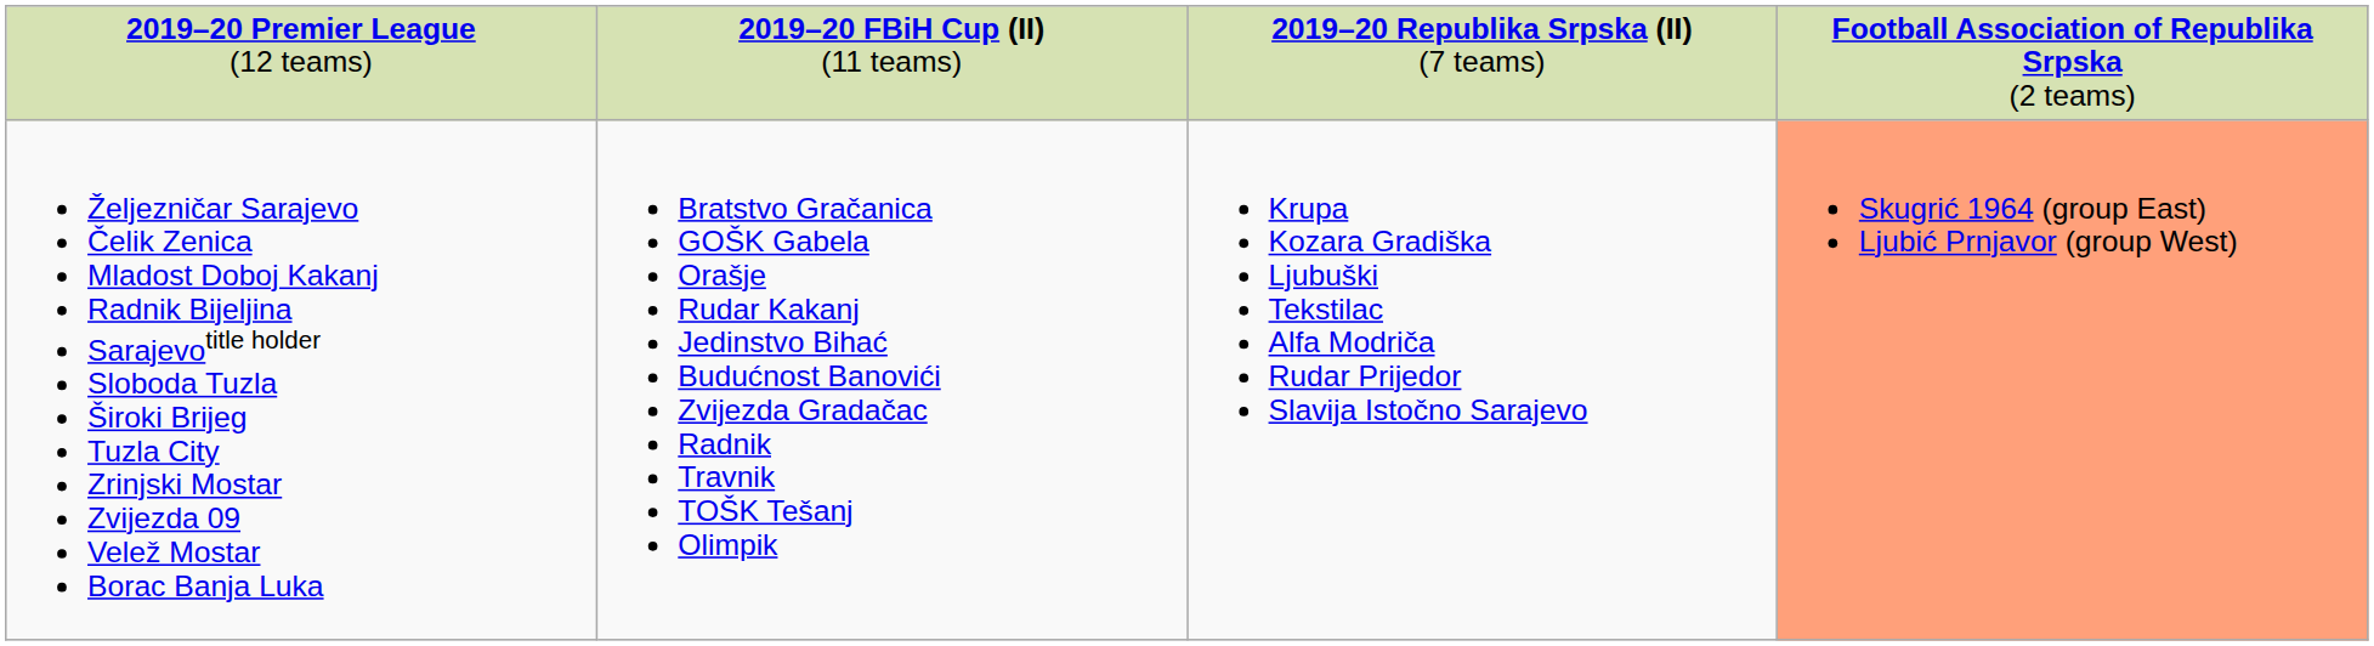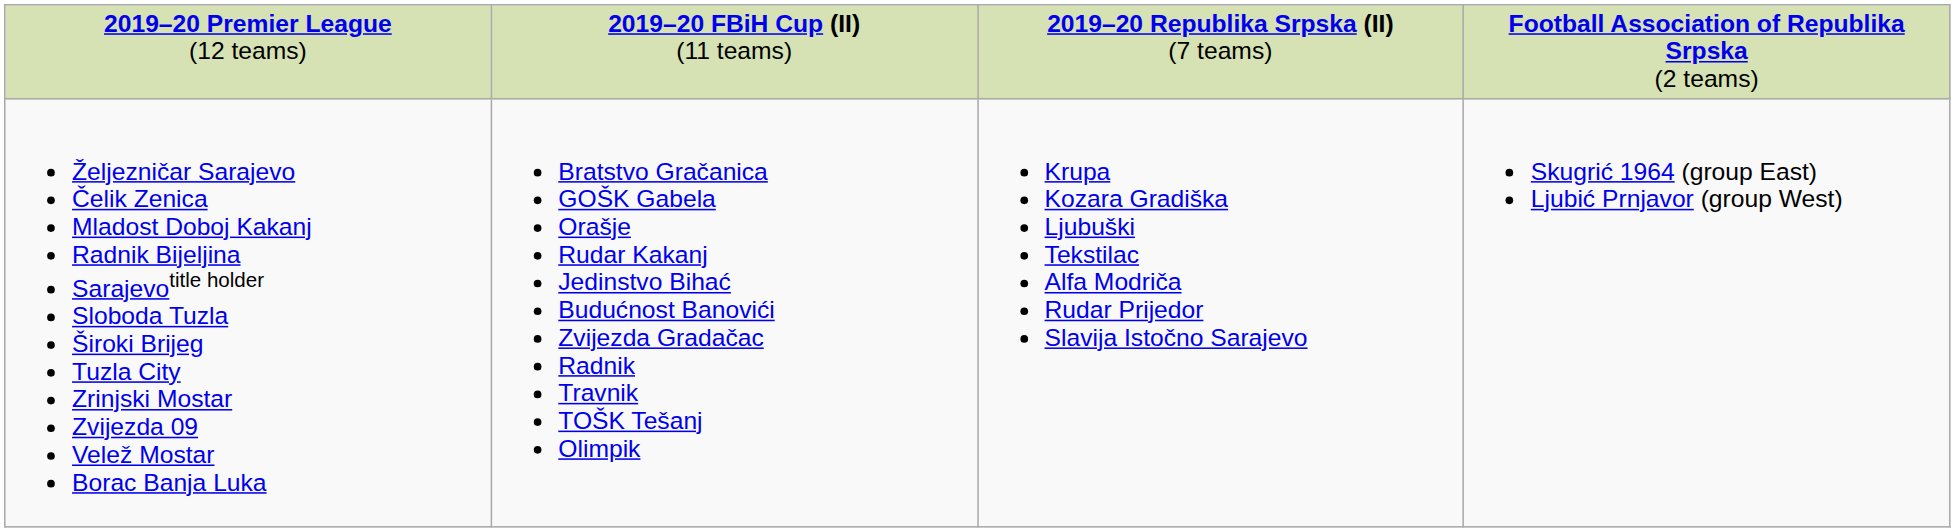 <table class="wikitable" style="width:100%">
 <tr style="vertical-align:top; background:#d6e2b3; text-align:center;">
 <td style="width:25%;"><strong><a href='#'>2019–20 Premier League</a></strong><br>(12 teams)</td>
 <td style="width:25%;"><strong><a href='#'>2019–20 FBiH Cup</a> (II)</strong><br>(11 teams)</td>
 <td style="width:25%;"><strong><a href='#'>2019–20 Republika Srpska</a> (II)</strong><br>(7 teams)</td>
 <td style="width:25%;"><strong><a href='#'>Football Association of Republika Srpska</a></strong><br>(2 teams)</td>
 </tr>
 <tr valign="top">
 <td><br><ul><li><a href='#'>Željezničar Sarajevo</a></li><li><a href='#'>Čelik Zenica</a></li><li><a href='#'>Mladost Doboj Kakanj</a></li><li><a href='#'>Radnik Bijeljina</a></li><li><a href='#'>Sarajevo</a><sup>title holder</sup></li><li><a href='#'>Sloboda Tuzla</a></li><li><a href='#'>Široki Brijeg</a></li><li><a href='#'>Tuzla City</a></li><li><a href='#'>Zrinjski Mostar</a></li><li><a href='#'>Zvijezda 09</a></li><li><a href='#'>Velež Mostar</a></li><li><a href='#'>Borac Banja Luka</a></li></ul></td>
 <td><br><ul><li><a href='#'>Bratstvo Gračanica</a></li><li><a href='#'>GOŠK Gabela</a></li><li><a href='#'>Orašje</a></li><li><a href='#'>Rudar Kakanj</a></li><li><a href='#'>Jedinstvo Bihać</a></li><li><a href='#'>Budućnost Banovići</a></li><li><a href='#'>Zvijezda Gradačac</a></li><li><a href='#'>Radnik</a></li><li><a href='#'>Travnik</a></li><li><a href='#'>TOŠK Tešanj</a></li><li><a href='#'>Olimpik</a></li></ul></td>
 <td><br><ul><li><a href='#'>Krupa</a></li><li><a href='#'>Kozara Gradiška</a></li><li><a href='#'>Ljubuški</a></li><li><a href='#'>Tekstilac</a></li><li><a href='#'>Alfa Modriča</a></li><li><a href='#'>Rudar Prijedor</a></li><li><a href='#'>Slavija Istočno Sarajevo</a></li></ul></td>
-<td style="background: lightsalmon;"><br><ul><li><a href='#'>Skugrić 1964</a> (group East)</li><li><a href='#'>Ljubić Prnjavor</a> (group West)</li></ul></td>
+<td><br><ul><li><a href='#'>Skugrić 1964</a> (group East)</li><li><a href='#'>Ljubić Prnjavor</a> (group West)</li></ul></td>
 </tr>
 </table>
